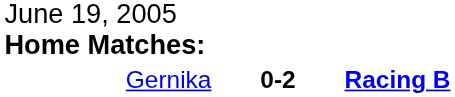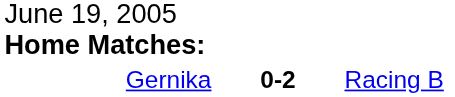 <table width=100% cellspacing=1>
 <tr>
 <th width=20%></th>
 <th width=12%></th>
 <th width=20%></th>
 <th></th>
 </tr>
 <tr>
 <td>June 19, 2005<br><strong>Home Matches:</strong></td>
 </tr>
 <tr style=font-size:90%>
 <td align=right><a href='#'>Gernika</a></td>
 <td align=center><strong>0-2</strong></td>
-<td><strong><a href='#'>Racing B</a></strong></td>
+<td><a href='#'>Racing B</a></td>
 </tr>
 </table>
